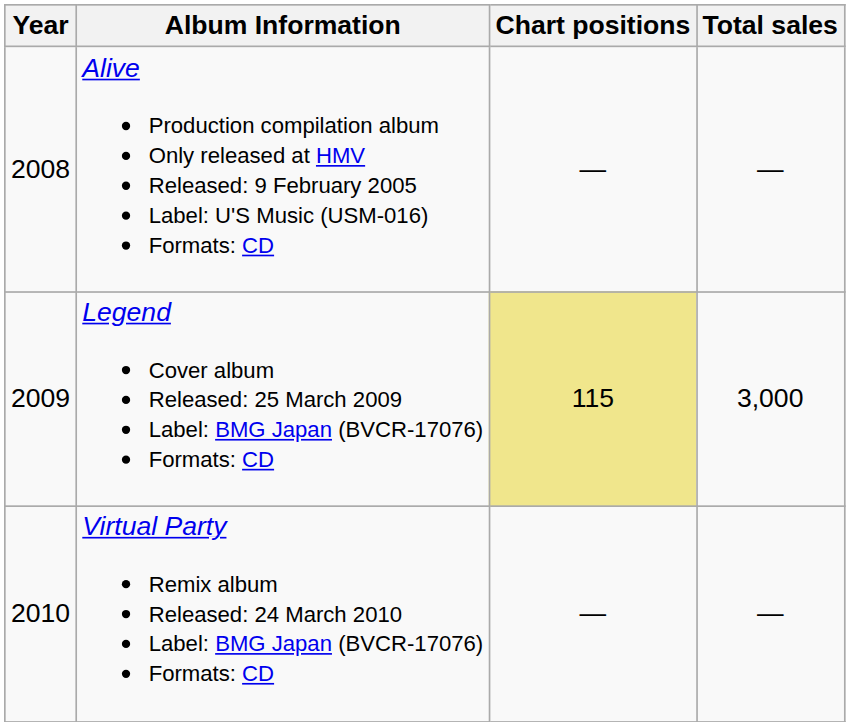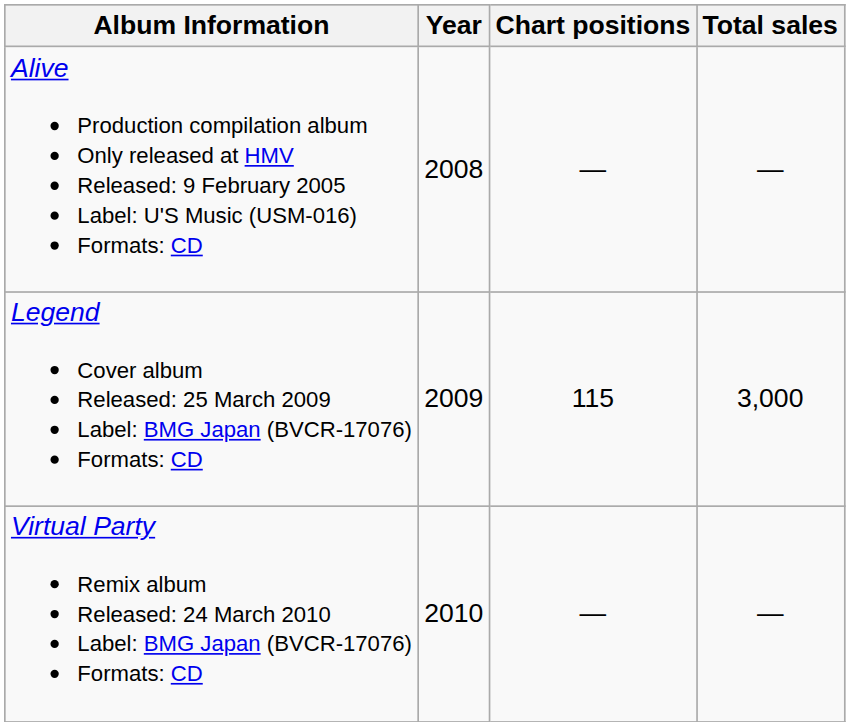 <table class="wikitable">
 <tr>
+<th rowspan="1">Album Information</th>
 <th rowspan="1">Year</th>
-<th rowspan="1">Album Information</th>
 <th colspan="1">Chart positions</th>
 <th colspan="1">Total sales</th>
 </tr>
 <tr>
+<td><em><a href='#'>Alive</a></em><br><ul><li><small>Production compilation album</small></li><li><small>Only released at <a href='#'>HMV</a></small></li><li><small>Released: 9 February 2005</small></li><li><small>Label: U'S Music (USM-016)</small></li><li><small>Formats: <a href='#'>CD</a></small></li></ul></td>
 <td align="center">2008</td>
-<td><em><a href='#'>Alive</a></em><br><ul><li><small>Production compilation album</small></li><li><small>Only released at <a href='#'>HMV</a></small></li><li><small>Released: 9 February 2005</small></li><li><small>Label: U'S Music (USM-016)</small></li><li><small>Formats: <a href='#'>CD</a></small></li></ul></td>
 <td align="center">—</td>
 <td align="center">—</td>
 </tr>
 <tr>
+<td><em><a href='#'>Legend</a></em><br><ul><li><small>Cover album</small></li><li><small>Released: 25 March 2009</small></li><li><small>Label: <a href='#'>BMG Japan</a> (BVCR-17076)</small></li><li><small>Formats: <a href='#'>CD</a></small></li></ul></td>
 <td align="center">2009</td>
-<td><em><a href='#'>Legend</a></em><br><ul><li><small>Cover album</small></li><li><small>Released: 25 March 2009</small></li><li><small>Label: <a href='#'>BMG Japan</a> (BVCR-17076)</small></li><li><small>Formats: <a href='#'>CD</a></small></li></ul></td>
-<td align="center" style="background: khaki;">115</td>
+<td align="center">115</td>
 <td align="center">3,000</td>
 </tr>
 <tr>
+<td><em><a href='#'>Virtual Party</a></em><br><ul><li><small>Remix album</small></li><li><small>Released: 24 March 2010</small></li><li><small>Label: <a href='#'>BMG Japan</a> (BVCR-17076)</small></li><li><small>Formats: <a href='#'>CD</a></small></li></ul></td>
 <td align="center">2010</td>
-<td><em><a href='#'>Virtual Party</a></em><br><ul><li><small>Remix album</small></li><li><small>Released: 24 March 2010</small></li><li><small>Label: <a href='#'>BMG Japan</a> (BVCR-17076)</small></li><li><small>Formats: <a href='#'>CD</a></small></li></ul></td>
 <td align="center">—</td>
 <td align="center">—</td>
 </tr>
 </table>
